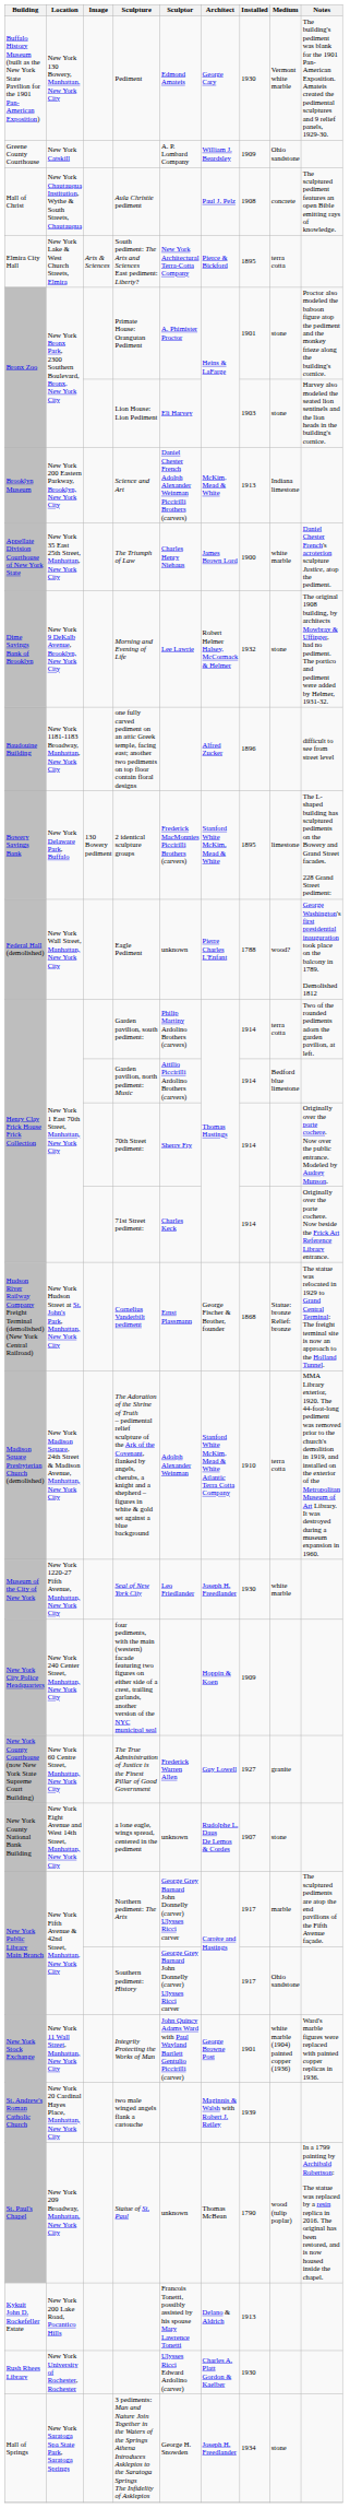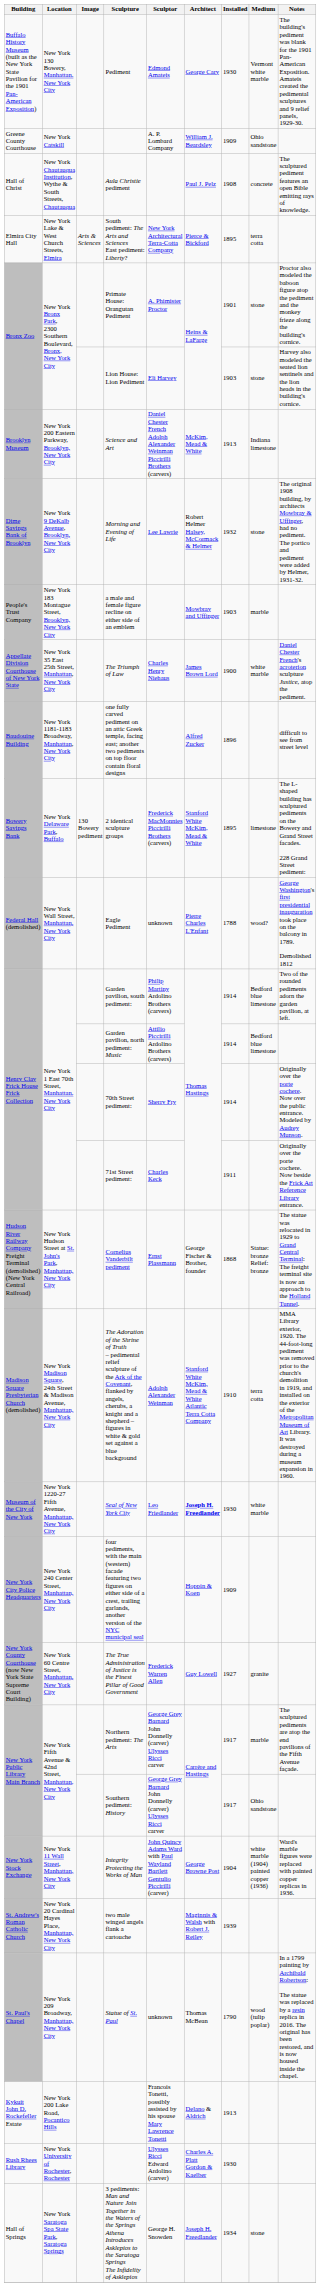 <table class="wikitable sortable">
 <tr>
 <th width="10%">Building</th>
 <th width="10%">Location</th>
 <th width="5%">Image</th>
 <th width="15%">Sculpture</th>
 <th width="10%">Sculptor</th>
 <th width="10%">Architect</th>
 <th width="5%">Installed</th>
 <th width="10%">Medium</th>
 <th width="25%">Notes</th>
 </tr>
 <tr>
 <td><a href='#'>Buffalo History Museum</a><br>(built as the New York State Pavilion for the 1901 <a href='#'>Pan-American Exposition</a>)</td>
 <td>New York<br>130 Bowery,<br><a href='#'>Manhattan, New York City</a></td>
 <td></td>
 <td>Pediment</td>
 <td><a href='#'>Edmond Amateis</a></td>
 <td><a href='#'>George Cary</a></td>
 <td>1930</td>
 <td>Vermont white marble</td>
 <td>The building's pediment was blank for the 1901 Pan-American Exposition. Amateis created the pedimental sculptures and 9 relief panels, 1929-30.</td>
 </tr>
 <tr>
 <td>Greene County Courthouse</td>
 <td>New York<br><a href='#'>Catskill</a></td>
 <td></td>
 <td></td>
 <td>A. P. Lombard Company</td>
 <td><a href='#'>William J. Beardsley</a></td>
 <td>1909</td>
 <td>Ohio sandstone</td>
 <td></td>
 </tr>
 <tr>
 <td>Hall of Christ</td>
 <td>New York<br><a href='#'>Chautauqua Institution</a>,<br>Wythe & South Streets,<br><a href='#'>Chautauqua</a></td>
 <td></td>
 <td><em>Aula Christie</em> pediment</td>
 <td></td>
 <td><a href='#'>Paul J. Pelz</a></td>
 <td>1908</td>
 <td>concrete</td>
 <td>The sculptured pediment features an open Bible emitting rays of knowledge.</td>
 </tr>
 <tr>
 <td>Elmira City Hall</td>
 <td>New York<br>Lake & West Church Streets,<br><a href='#'>Elmira</a></td>
 <td><em>Arts & Sciences</em></td>
 <td>South pediment: <em>The Arts and Sciences</em><br>East pediment: <em>Liberty</em>?</td>
 <td><a href='#'>New York Architectural Terra-Cotta Company</a></td>
 <td><a href='#'>Pierce & Bickford</a></td>
 <td>1895</td>
 <td>terra cotta</td>
 <td></td>
 </tr>
 <tr>
 <td style="background:#BEBEBE" rowspan="2"><a href='#'>Bronx Zoo</a></td>
 <td rowspan="2">New York<br><a href='#'>Bronx Park</a>,<br>2300 Southern Boulevard,<br><a href='#'>Bronx, New York City</a></td>
 <td></td>
 <td>Primate House: Orangutan Pediment</td>
 <td><a href='#'>A. Phimister Proctor</a></td>
 <td rowspan="2"><a href='#'>Heins & LaFarge</a></td>
 <td>1901</td>
 <td>stone</td>
 <td>Proctor also modeled the baboon figure atop the pediment and the monkey frieze along the building's cornice.</td>
 </tr>
 <tr>
 <td></td>
 <td>Lion House: Lion Pediment</td>
 <td><a href='#'>Eli Harvey</a></td>
 <td>1903</td>
 <td>stone</td>
 <td>Harvey also modeled the seated lion sentinels and the lion heads in the building's cornice.</td>
 </tr>
 <tr>
 <td style="background:#BEBEBE"><a href='#'>Brooklyn Museum</a></td>
 <td>New York<br>200 Eastern Parkway,<br><a href='#'>Brooklyn, New York City</a></td>
 <td></td>
 <td><em>Science and Art</em></td>
 <td><a href='#'>Daniel Chester French</a><br><a href='#'>Adolph Alexander Weinman</a><br><a href='#'>Piccirilli Brothers</a> (carvers)</td>
 <td><a href='#'>McKim, Mead & White</a></td>
 <td>1913</td>
 <td>Indiana limestone</td>
 <td></td>
 </tr>
 <tr>
+<td style="background:#BEBEBE"><a href='#'>Dime Savings Bank of Brooklyn</a></td>
+<td>New York<br><a href='#'>9 DeKalb Avenue</a>, <a href='#'>Brooklyn, New York City</a></td>
+<td></td>
+<td><em>Morning and Evening of Life</em></td>
+<td><a href='#'>Lee Lawrie</a></td>
+<td>Robert Helmer<br><a href='#'>Halsey, McCormack & Helmer</a></td>
+<td>1932</td>
+<td>stone</td>
+<td>The original 1908 building, by architects <a href='#'>Mowbray & Uffinger</a>, had no pediment.<br>The portico and pediment were added by Helmer, 1931-32.</td>
+</tr>
+<tr>
+<td style="background:#BEBEBE">People's Trust Company</td>
+<td>New York<br>183 Montague Street,<br><a href='#'>Brooklyn, New York City</a></td>
+<td></td>
+<td>a male and female figure recline on either side of an emblem</td>
+<td></td>
+<td><a href='#'>Mowbray and Uffinger</a></td>
+<td>1903</td>
+<td>marble</td>
+<td></td>
+</tr>
+<tr>
 <td style="background:#BEBEBE"><a href='#'>Appellate Division Courthouse of New York State</a></td>
 <td>New York<br>35 East 25th Street,<br><a href='#'>Manhattan</a>, <a href='#'>New York City</a></td>
 <td></td>
 <td><em>The Triumph of Law</em></td>
 <td><a href='#'>Charles Henry Niehaus</a></td>
 <td><a href='#'>James Brown Lord</a></td>
 <td>1900</td>
 <td>white marble</td>
 <td> <a href='#'>Daniel Chester French</a>'s <a href='#'>acroterion</a> sculpture <em>Justice</em>, atop the pediment.</td>
-</tr>
-<tr>
-<td style="background:#BEBEBE"><a href='#'>Dime Savings Bank of Brooklyn</a></td>
-<td>New York<br><a href='#'>9 DeKalb Avenue</a>, <a href='#'>Brooklyn, New York City</a></td>
-<td></td>
-<td><em>Morning and Evening of Life</em></td>
-<td><a href='#'>Lee Lawrie</a></td>
-<td>Robert Helmer<br><a href='#'>Halsey, McCormack & Helmer</a></td>
-<td>1932</td>
-<td>stone</td>
-<td>The original 1908 building, by architects <a href='#'>Mowbray & Uffinger</a>, had no pediment.<br>The portico and pediment were added by Helmer, 1931-32.</td>
 </tr>
 <tr>
 <td style="background:#BEBEBE"><a href='#'>Baudouine Building</a></td>
 <td>New York<br>1181-1183 Broadway,<br><a href='#'>Manhattan</a>, <a href='#'>New York City</a></td>
 <td></td>
 <td>one fully carved pediment on an attic Greek temple, facing east; another two pediments on top floor contain floral designs</td>
 <td></td>
 <td><a href='#'>Alfred Zucker</a></td>
 <td>1896</td>
 <td></td>
 <td>difficult to see from street level</td>
 </tr>
 <tr>
 <td style="background:#BEBEBE"><a href='#'>Bowery Savings Bank</a></td>
 <td>New York<br><a href='#'>Delaware Park</a>,<br><a href='#'>Buffalo</a></td>
 <td>130 Bowery pediment</td>
 <td>2 identical sculpture groups</td>
 <td><a href='#'>Frederick MacMonnies</a><br><a href='#'>Piccirilli Brothers</a> (carvers)</td>
 <td><a href='#'>Stanford White</a><br><a href='#'>McKim, Mead & White</a></td>
 <td>1895</td>
 <td>limestone</td>
 <td>The L-shaped building has sculptured pediments on the Bowery and Grand Street facades.<br><br>228 Grand Street pediment:</td>
 </tr>
 <tr>
 <td style="background:#BEBEBE"><a href='#'>Federal Hall</a> (demolished)</td>
 <td>New York<br>Wall Street,<br><a href='#'>Manhattan, New York City</a></td>
 <td></td>
 <td>Eagle Pediment</td>
 <td>unknown</td>
 <td><a href='#'>Pierre Charles L'Enfant</a></td>
 <td>1788</td>
 <td>wood?</td>
 <td><a href='#'>George Washington</a>'s <a href='#'>first presidential inauguration</a> took place on the balcony in 1789.<br><br>Demolished 1812</td>
 </tr>
 <tr>
 <td style="background:#BEBEBE" rowspan="4"><a href='#'>Henry Clay Frick House</a><br><a href='#'>Frick Collection</a></td>
 <td rowspan="4">New York<br>1 East 70th Street,<br><a href='#'>Manhattan, New York City</a></td>
 <td></td>
 <td>Garden pavilion, south pediment:</td>
 <td><a href='#'>Philip Martiny</a><br>Ardolino Brothers (carvers)</td>
 <td rowspan="4"><a href='#'>Thomas Hastings</a></td>
 <td>1914</td>
-<td>terra cotta</td>
+<td>Bedford blue limestone</td>
 <td>Two of the rounded pediments adorn the garden pavilion, at left.</td>
 </tr>
 <tr>
 <td></td>
 <td>Garden pavilion, north pediment: <em>Music</em></td>
 <td><a href='#'>Attilio Piccirilli</a><br>Ardolino Brothers (carvers)</td>
 <td>1914</td>
 <td>Bedford blue limestone</td>
 <td></td>
 </tr>
 <tr>
 <td></td>
 <td>70th Street pediment:</td>
 <td><a href='#'>Sherry Fry</a></td>
 <td>1914</td>
 <td></td>
 <td>Originally over the <a href='#'>porte cochere</a>. Now over the public entrance. Modeled by <a href='#'>Audrey Munson</a>.</td>
 </tr>
 <tr>
 <td></td>
 <td>71st Street pediment:</td>
 <td><a href='#'>Charles Keck</a></td>
-<td>1914</td>
+<td>1911</td>
 <td></td>
 <td>Originally over the porte cochere. Now beside the <a href='#'>Frick Art Reference Library</a> entrance.</td>
 </tr>
 <tr>
 <td style="background:#BEBEBE"><a href='#'>Hudson River Railway Company</a> Freight Terminal (demolished)<br>(New York Central Railroad)</td>
 <td>New York<br>Hudson Street at <a href='#'>St. John's Park</a>,<br><a href='#'>Manhattan, New York City</a></td>
 <td></td>
 <td><a href='#'>Cornelius Vanderbilt pediment</a></td>
 <td><a href='#'>Ernst Plassmann</a></td>
 <td>George Fischer & Brother, founder</td>
 <td>1868</td>
 <td>Statue: bronze<br>Relief: bronze</td>
 <td>The statue was relocated in 1929 to <a href='#'>Grand Central Terminal</a>:<br>The freight terminal site is now an approach to the <a href='#'>Holland Tunnel</a>.</td>
 </tr>
 <tr>
 <td style="background:#BEBEBE"><a href='#'>Madison Square Presbyterian Church</a> (demolished)</td>
 <td>New York<br><a href='#'>Madison Square</a>,<br>24th Street & Madison Avenue,<br><a href='#'>Manhattan, New York City</a></td>
 <td></td>
 <td><em>The Adoration of the Shrine of Truth</em><br>– pedimental relief sculpture of the <a href='#'>Ark of the Covenant</a>, flanked by angels, cherubs, a knight and a shepherd – figures in white & gold set against a blue background</td>
 <td><a href='#'>Adolph Alexander Weinman</a></td>
 <td><a href='#'>Stanford White</a><br><a href='#'>McKim, Mead & White</a><br><a href='#'>Atlantic Terra Cotta Company</a></td>
 <td>1910</td>
 <td>terra cotta</td>
 <td>MMA Library exterior, 1920. The 44-foot-long pediment was removed prior to the church's demolition in 1919, and installed on the exterior of the <a href='#'>Metropolitan Museum of Art</a> Library.<br>It was destroyed during a museum expansion in 1960.</td>
 </tr>
 <tr>
 <td style="background:#BEBEBE"><a href='#'>Museum of the City of New York</a></td>
 <td>New York<br>1220-27 Fifth Avenue,<br><a href='#'>Manhattan, New York City</a></td>
 <td></td>
 <td><em><a href='#'>Seal of New York City</a></em></td>
 <td><a href='#'>Leo Friedlander</a></td>
-<td><a href='#'>Joseph H. Freedlander</a></td>
+<td><strong><a href='#'>Joseph H. Freedlander</a></strong></td>
 <td>1930</td>
 <td>white marble</td>
 <td></td>
 </tr>
 <tr>
 <td style="background:#BEBEBE"><a href='#'>New York City Police Headquarters</a></td>
 <td>New York<br>240 Center Street,<br><a href='#'>Manhattan, New York City</a></td>
 <td></td>
 <td>four pediments, with the main (western) facade featuring two figures on either side of a crest, trailing garlands, another version of the <a href='#'>NYC municipal seal</a></td>
 <td></td>
 <td><a href='#'>Hoppin & Koen</a></td>
 <td>1909</td>
 <td></td>
 <td></td>
 </tr>
 <tr>
 <td style="background:#BEBEBE"><a href='#'>New York County Courthouse</a><br>(now New York State Supreme Court Building)</td>
 <td>New York<br>60 Centre Street,<br><a href='#'>Manhattan, New York City</a></td>
 <td></td>
 <td><em>The True Administration of Justice is the Finest Pillar of Good Government</em></td>
 <td><a href='#'>Frederick Warren Allen</a></td>
 <td><a href='#'>Guy Lowell</a></td>
 <td>1927</td>
 <td>granite</td>
-<td></td>
-</tr>
-<tr>
-<td style="background:#BEBEBE">New York County National Bank Building</td>
-<td>New York<br>Eight Avenue and West 14th Street,<br><a href='#'>Manhattan, New York City</a></td>
-<td></td>
-<td>a lone eagle, wings spread, centered in the pediment</td>
-<td>unknown</td>
-<td><a href='#'>Rudolphe L. Daus</a><br><a href='#'>De Lemos & Cordes</a></td>
-<td>1907</td>
-<td>stone</td>
 <td></td>
 </tr>
 <tr>
 <td style="background:#BEBEBE" rowspan="2"><a href='#'>New York Public Library Main Branch</a></td>
 <td rowspan="2">New York<br>Fifth Avenue & 42nd Street,<br><a href='#'>Manhattan, New York City</a></td>
 <td></td>
 <td>Northern pediment: <em>The Arts</em></td>
 <td><a href='#'>George Grey Barnard</a><br>John Donnelly (carver)<br><a href='#'>Ulysses Ricci</a><br>carver</td>
 <td rowspan="2"><a href='#'>Carrère and Hastings</a></td>
 <td>1917</td>
 <td>marble</td>
 <td>The sculptured pediments are atop the end pavilions of the Fifth Avenue façade.</td>
 </tr>
 <tr>
 <td></td>
 <td>Southern pediment: <em>History</em></td>
 <td><a href='#'>George Grey Barnard</a><br>John Donnelly (carver)<br><a href='#'>Ulysses Ricci</a><br>carver</td>
 <td>1917</td>
 <td>Ohio sandstone</td>
 <td></td>
 </tr>
 <tr>
 <td style="background:#BEBEBE"><a href='#'>New York Stock Exchange</a></td>
 <td>New York<br><a href='#'>11 Wall Street</a>,<br><a href='#'>Manhattan, New York City</a></td>
 <td></td>
 <td><em>Integrity Protecting the Works of Man</em></td>
 <td><a href='#'>John Quincy Adams Ward</a><br>with <a href='#'>Paul Wayland Bartlett</a><br><a href='#'>Gentulio Piccirilli</a> (carver)</td>
 <td><a href='#'>George Browne Post</a></td>
-<td>1901</td>
+<td>1904</td>
 <td>white marble (1904)<br>painted copper (1936)</td>
 <td>Ward's marble figures were replaced with painted copper replicas in 1936.</td>
 </tr>
 <tr>
 <td style="background:#BEBEBE"><a href='#'>St. Andrew's Roman Catholic Church</a></td>
 <td>New York<br>20 Cardinal Hayes Place,<br><a href='#'>Manhattan, New York City</a></td>
 <td></td>
 <td>two male winged angels flank a cartouche</td>
 <td></td>
 <td><a href='#'>Maginnis & Walsh</a> with <a href='#'>Robert J. Reiley</a></td>
 <td>1939</td>
 <td></td>
 <td></td>
 </tr>
 <tr>
 <td style="background:#BEBEBE"><a href='#'>St. Paul's Chapel</a></td>
 <td>New York<br>209 Broadway,<br><a href='#'>Manhattan, New York City</a></td>
 <td></td>
 <td><em>Statue of <a href='#'>St. Paul</a></em></td>
 <td>unknown</td>
 <td>Thomas McBean</td>
 <td>1790</td>
 <td>wood (tulip poplar)</td>
 <td>In a 1799 painting by <a href='#'>Archibald Robertson</a>:<br><br>The statue was replaced by a <a href='#'>resin</a> replica in 2016. The original has been restored,  and is now housed inside the chapel.</td>
 </tr>
 <tr>
 <td><a href='#'>Kykuit</a><br><a href='#'>John D. Rockefeller</a> Estate</td>
 <td>New York<br>200 Lake Road,<br><a href='#'>Pocantico Hills</a></td>
 <td></td>
 <td></td>
 <td>Francois Tonetti, possibly assisted by his spouse <a href='#'>Mary Lawrence Tonetti</a></td>
 <td><a href='#'>Delano</a> & <a href='#'>Aldrich</a></td>
 <td>1913</td>
 <td></td>
 <td></td>
 </tr>
 <tr>
 <td><a href='#'>Rush Rhees Library</a></td>
 <td>New York<br><a href='#'>University of Rochester</a>,<br><a href='#'>Rochester</a></td>
 <td></td>
 <td></td>
 <td><a href='#'>Ulysses Ricci</a><br>Edward Ardolino (carver)</td>
 <td><a href='#'>Charles A. Platt</a><br><a href='#'>Gordon & Kaelber</a></td>
 <td>1930</td>
 <td></td>
 <td></td>
 </tr>
 <tr>
 <td>Hall of Springs</td>
 <td>New York<br><a href='#'>Saratoga Spa State Park</a>,<br><a href='#'>Saratoga Springs</a></td>
 <td></td>
 <td>3 pediments: <em>Man and Nature Join Together in the Waters of the Springs</em><br><em>Athena Introduces Asklepios to the Saratoga Springs</em><br><em>The Infidelity of Asklepios</em></td>
 <td>George H. Snowden</td>
 <td><a href='#'>Joseph H. Freedlander</a></td>
 <td>1934</td>
 <td>stone</td>
 <td></td>
 </tr>
 <tr>
 </tr>
 </table>
